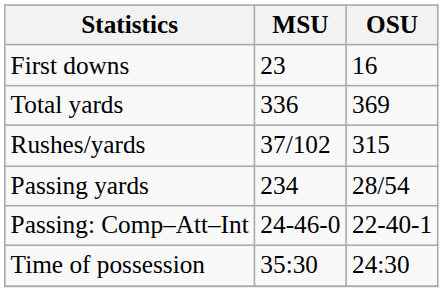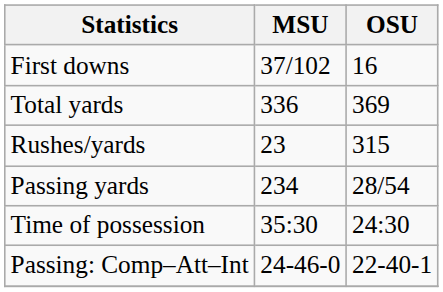 <table class="wikitable" style="float: left;">
 <tr>
 <th>Statistics</th>
 <th>MSU</th>
 <th>OSU</th>
 </tr>
 <tr>
 <td>First downs</td>
-<td>23</td>
+<td>37/102</td>
 <td>16</td>
 </tr>
 <tr>
 <td>Total yards</td>
 <td>336</td>
 <td>369</td>
 </tr>
 <tr>
 <td>Rushes/yards</td>
-<td>37/102</td>
+<td>23</td>
 <td>315</td>
 </tr>
 <tr>
 <td>Passing yards</td>
 <td>234</td>
 <td>28/54</td>
 </tr>
 <tr>
+<td>Time of possession</td>
+<td>35:30</td>
+<td>24:30</td>
+</tr>
+<tr>
 <td>Passing: Comp–Att–Int</td>
 <td>24-46-0</td>
 <td>22-40-1</td>
 </tr>
 <tr>
-<td>Time of possession</td>
-<td>35:30</td>
-<td>24:30</td>
-</tr>
-<tr>
 </tr>
 </table>
